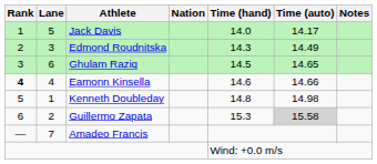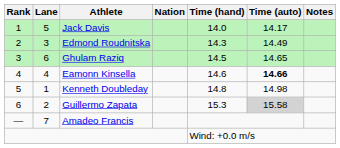 <table class="wikitable sortable" style="text-align:center">
 <tr>
 <th>Rank</th>
 <th>Lane</th>
 <th>Athlete</th>
 <th>Nation</th>
 <th>Time (hand)</th>
 <th>Time (auto)</th>
 <th>Notes</th>
 </tr>
 <tr bgcolor=bbf3bb>
 <td>1</td>
 <td>5</td>
 <td align=left><a href='#'>Jack Davis</a></td>
 <td align=left></td>
 <td>14.0</td>
 <td>14.17</td>
 <td></td>
 </tr>
 <tr bgcolor=bbf3bb>
 <td>2</td>
 <td>3</td>
 <td align=left><a href='#'>Edmond Roudnitska</a></td>
 <td align=left></td>
 <td>14.3</td>
 <td>14.49</td>
 <td></td>
 </tr>
 <tr bgcolor=bbf3bb>
 <td>3</td>
 <td>6</td>
 <td align=left><a href='#'>Ghulam Raziq</a></td>
 <td align=left></td>
 <td>14.5</td>
 <td>14.65</td>
 <td></td>
 </tr>
 <tr>
-<td><strong>4</strong></td>
+<td>4</td>
 <td>4</td>
 <td align=left><a href='#'>Eamonn Kinsella</a></td>
 <td align=left></td>
 <td>14.6</td>
-<td>14.66</td>
+<td><strong>14.66</strong></td>
 <td></td>
 </tr>
 <tr>
 <td>5</td>
 <td>1</td>
 <td align=left><a href='#'>Kenneth Doubleday</a></td>
 <td align=left></td>
 <td>14.8</td>
 <td>14.98</td>
 <td></td>
 </tr>
 <tr>
 <td>6</td>
 <td>2</td>
 <td align=left><a href='#'>Guillermo Zapata</a></td>
 <td align=left></td>
 <td>15.3</td>
 <td style="background: lightgrey;">15.58</td>
 <td></td>
 </tr>
 <tr>
 <td data-sort-value=7>—</td>
 <td>7</td>
 <td align=left><a href='#'>Amadeo Francis</a></td>
 <td align=left></td>
 <td colspan=2></td>
 <td></td>
 </tr>
 <tr class="sortbottom">
 <td colspan=4></td>
 <td colspan="3" style="text-align:left;">Wind: +0.0 m/s</td>
 </tr>
 </table>
